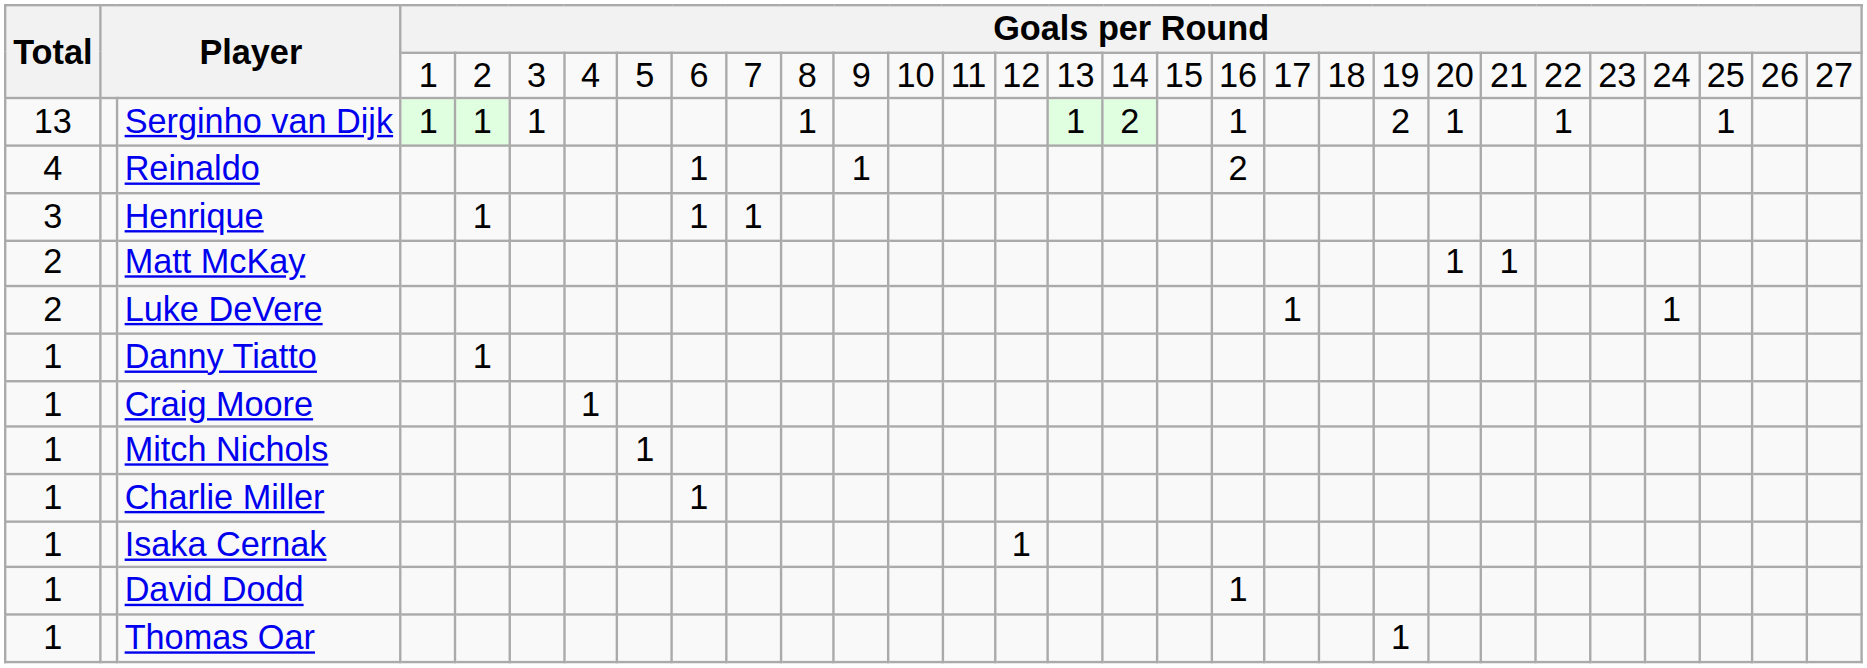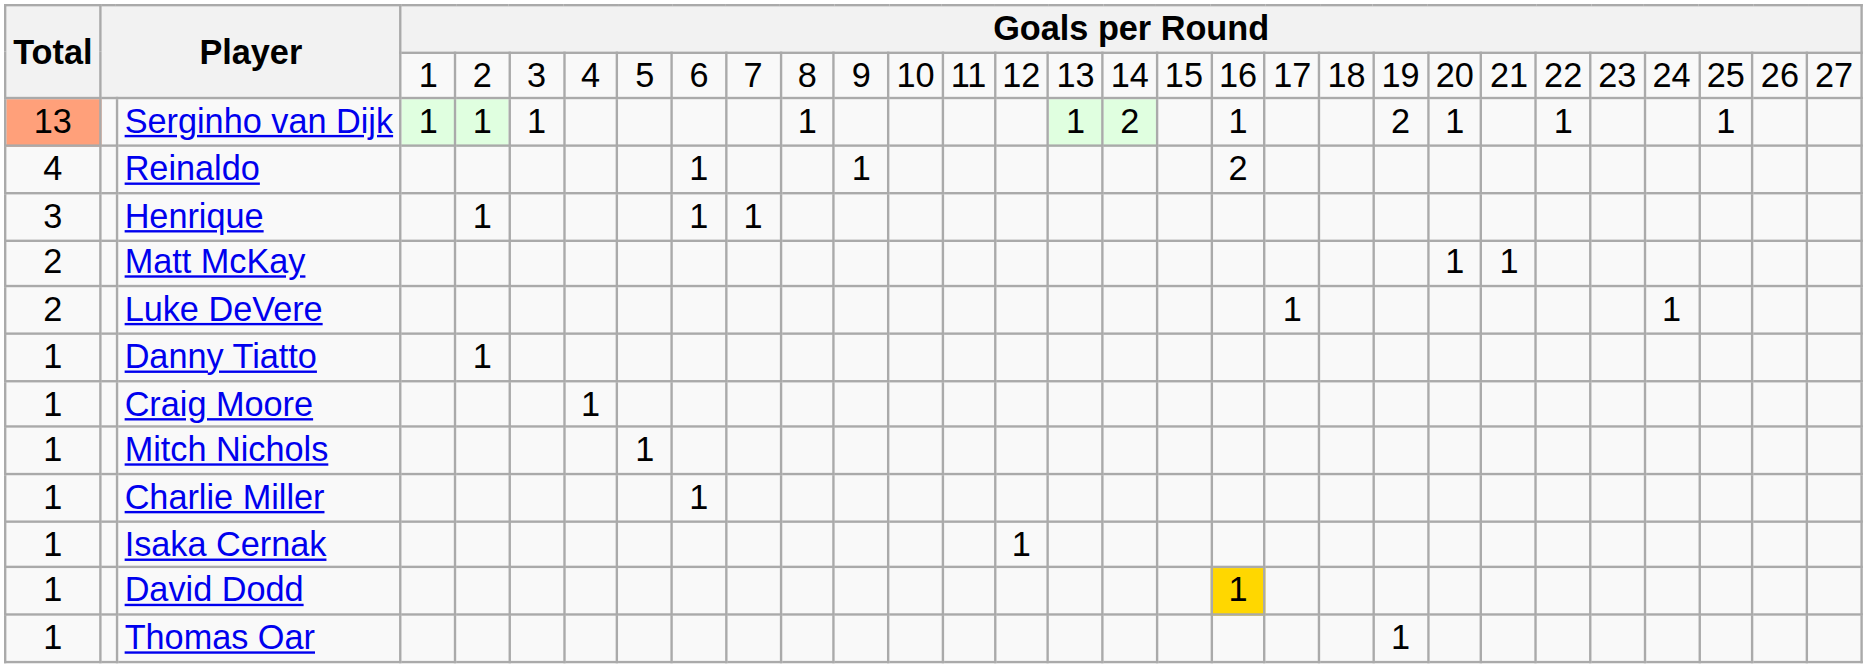 <table class="wikitable" style="text-align:center; line-height: 90%; font-size:90%;">
 <tr>
 <th rowspan="2">Total</th>
 <th rowspan="2" colspan="2">Player</th>
 <th colspan="27">Goals per Round</th>
 </tr>
 <tr>
 <td> 1 </td>
 <td> 2 </td>
 <td> 3 </td>
 <td> 4 </td>
 <td> 5 </td>
 <td> 6 </td>
 <td> 7 </td>
 <td> 8 </td>
 <td> 9 </td>
 <td>10</td>
 <td>11</td>
 <td>12</td>
 <td>13</td>
 <td>14</td>
 <td>15</td>
 <td>16</td>
 <td>17</td>
 <td>18</td>
 <td>19</td>
 <td>20</td>
 <td>21</td>
 <td>22</td>
 <td>23</td>
 <td>24</td>
 <td>25</td>
 <td>26</td>
 <td>27</td>
 </tr>
 <tr>
-<td>13</td>
+<td style="background: lightsalmon;">13</td>
 <td></td>
 <td style="text-align:left;"><a href='#'>Serginho van Dijk</a></td>
 <td style="background:#e0ffe0;">1</td>
 <td style="background:#e0ffe0;">1</td>
 <td>1</td>
 <td></td>
 <td></td>
 <td></td>
 <td></td>
 <td>1</td>
 <td></td>
 <td></td>
 <td></td>
 <td></td>
 <td style="background:#e0ffe0;">1</td>
 <td style="background:#e0ffe0;">2</td>
 <td></td>
 <td>1</td>
 <td></td>
 <td></td>
 <td>2</td>
 <td>1</td>
 <td></td>
 <td>1</td>
 <td></td>
 <td></td>
 <td>1</td>
 <td></td>
 <td></td>
 </tr>
 <tr>
 <td>4</td>
 <td></td>
 <td style="text-align:left;"><a href='#'>Reinaldo</a></td>
 <td></td>
 <td></td>
 <td></td>
 <td></td>
 <td></td>
 <td>1</td>
 <td></td>
 <td></td>
 <td>1</td>
 <td></td>
 <td></td>
 <td></td>
 <td></td>
 <td></td>
 <td></td>
 <td>2</td>
 <td></td>
 <td></td>
 <td></td>
 <td></td>
 <td></td>
 <td></td>
 <td></td>
 <td></td>
 <td></td>
 <td></td>
 <td></td>
 </tr>
 <tr>
 <td>3</td>
 <td></td>
 <td style="text-align:left;"><a href='#'>Henrique</a></td>
 <td></td>
 <td>1</td>
 <td></td>
 <td></td>
 <td></td>
 <td>1</td>
 <td>1</td>
 <td></td>
 <td></td>
 <td></td>
 <td></td>
 <td></td>
 <td></td>
 <td></td>
 <td></td>
 <td></td>
 <td></td>
 <td></td>
 <td></td>
 <td></td>
 <td></td>
 <td></td>
 <td></td>
 <td></td>
 <td></td>
 <td></td>
 <td></td>
 </tr>
 <tr>
 <td>2</td>
 <td></td>
 <td style="text-align:left;"><a href='#'>Matt McKay</a></td>
 <td></td>
 <td></td>
 <td></td>
 <td></td>
 <td></td>
 <td></td>
 <td></td>
 <td></td>
 <td></td>
 <td></td>
 <td></td>
 <td></td>
 <td></td>
 <td></td>
 <td></td>
 <td></td>
 <td></td>
 <td></td>
 <td></td>
 <td>1</td>
 <td>1</td>
 <td></td>
 <td></td>
 <td></td>
 <td></td>
 <td></td>
 <td></td>
 </tr>
 <tr>
 <td>2</td>
 <td></td>
 <td style="text-align:left;"><a href='#'>Luke DeVere</a></td>
 <td></td>
 <td></td>
 <td></td>
 <td></td>
 <td></td>
 <td></td>
 <td></td>
 <td></td>
 <td></td>
 <td></td>
 <td></td>
 <td></td>
 <td></td>
 <td></td>
 <td></td>
 <td></td>
 <td>1</td>
 <td></td>
 <td></td>
 <td></td>
 <td></td>
 <td></td>
 <td></td>
 <td>1</td>
 <td></td>
 <td></td>
 <td></td>
 </tr>
 <tr>
 <td>1</td>
 <td></td>
 <td style="text-align:left;"><a href='#'>Danny Tiatto</a></td>
 <td></td>
 <td>1</td>
 <td></td>
 <td></td>
 <td></td>
 <td></td>
 <td></td>
 <td></td>
 <td></td>
 <td></td>
 <td></td>
 <td></td>
 <td></td>
 <td></td>
 <td></td>
 <td></td>
 <td></td>
 <td></td>
 <td></td>
 <td></td>
 <td></td>
 <td></td>
 <td></td>
 <td></td>
 <td></td>
 <td></td>
 <td></td>
 </tr>
 <tr>
 <td>1</td>
 <td></td>
 <td style="text-align:left;"><a href='#'>Craig Moore</a></td>
 <td></td>
 <td></td>
 <td></td>
 <td>1</td>
 <td></td>
 <td></td>
 <td></td>
 <td></td>
 <td></td>
 <td></td>
 <td></td>
 <td></td>
 <td></td>
 <td></td>
 <td></td>
 <td></td>
 <td></td>
 <td></td>
 <td></td>
 <td></td>
 <td></td>
 <td></td>
 <td></td>
 <td></td>
 <td></td>
 <td></td>
 <td></td>
 </tr>
 <tr>
 <td>1</td>
 <td></td>
 <td style="text-align:left;"><a href='#'>Mitch Nichols</a></td>
 <td></td>
 <td></td>
 <td></td>
 <td></td>
 <td>1</td>
 <td></td>
 <td></td>
 <td></td>
 <td></td>
 <td></td>
 <td></td>
 <td></td>
 <td></td>
 <td></td>
 <td></td>
 <td></td>
 <td></td>
 <td></td>
 <td></td>
 <td></td>
 <td></td>
 <td></td>
 <td></td>
 <td></td>
 <td></td>
 <td></td>
 <td></td>
 </tr>
 <tr>
 <td>1</td>
 <td></td>
 <td style="text-align:left;"><a href='#'>Charlie Miller</a></td>
 <td></td>
 <td></td>
 <td></td>
 <td></td>
 <td></td>
 <td>1</td>
 <td></td>
 <td></td>
 <td></td>
 <td></td>
 <td></td>
 <td></td>
 <td></td>
 <td></td>
 <td></td>
 <td></td>
 <td></td>
 <td></td>
 <td></td>
 <td></td>
 <td></td>
 <td></td>
 <td></td>
 <td></td>
 <td></td>
 <td></td>
 <td></td>
 </tr>
 <tr>
 <td>1</td>
 <td></td>
 <td style="text-align:left;"><a href='#'>Isaka Cernak</a></td>
 <td></td>
 <td></td>
 <td></td>
 <td></td>
 <td></td>
 <td></td>
 <td></td>
 <td></td>
 <td></td>
 <td></td>
 <td></td>
 <td>1</td>
 <td></td>
 <td></td>
 <td></td>
 <td></td>
 <td></td>
 <td></td>
 <td></td>
 <td></td>
 <td></td>
 <td></td>
 <td></td>
 <td></td>
 <td></td>
 <td></td>
 <td></td>
 </tr>
 <tr>
 <td>1</td>
 <td></td>
 <td style="text-align:left;"><a href='#'>David Dodd</a></td>
 <td></td>
 <td></td>
 <td></td>
 <td></td>
 <td></td>
 <td></td>
 <td></td>
 <td></td>
 <td></td>
 <td></td>
 <td></td>
 <td></td>
 <td></td>
 <td></td>
 <td></td>
-<td>1</td>
+<td style="background: gold;">1</td>
 <td></td>
 <td></td>
 <td></td>
 <td></td>
 <td></td>
 <td></td>
 <td></td>
 <td></td>
 <td></td>
 <td></td>
 <td></td>
 </tr>
 <tr>
 <td>1</td>
 <td></td>
 <td style="text-align:left;"><a href='#'>Thomas Oar</a></td>
 <td></td>
 <td></td>
 <td></td>
 <td></td>
 <td></td>
 <td></td>
 <td></td>
 <td></td>
 <td></td>
 <td></td>
 <td></td>
 <td></td>
 <td></td>
 <td></td>
 <td></td>
 <td></td>
 <td></td>
 <td></td>
 <td>1</td>
 <td></td>
 <td></td>
 <td></td>
 <td></td>
 <td></td>
 <td></td>
 <td></td>
 <td></td>
 </tr>
 </table>
